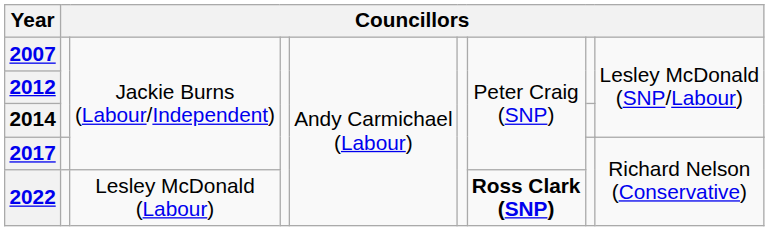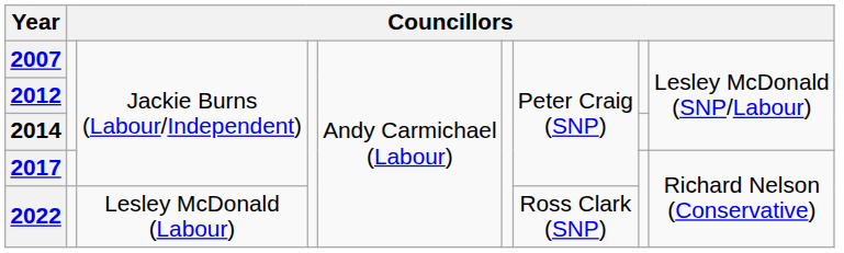 <table class="wikitable" style="text-align:center">
 <tr>
 <th>Year</th>
 <th colspan=8>Councillors</th>
 </tr>
 <tr>
 <th><a href='#'>2007</a></th>
 <td rowspan="4" ; style="background-color: "></td>
 <td rowspan="5">Jackie Burns<br>(<a href='#'>Labour</a>/<a href='#'>Independent</a>)</td>
 <td rowspan="6" ; style="background-color: "></td>
 <td rowspan="6">Andy Carmichael<br>(<a href='#'>Labour</a>)</td>
 <td rowspan="6" ; style="background-color: "></td>
 <td rowspan="5">Peter Craig<br>(<a href='#'>SNP</a>)</td>
 <td rowspan="2" ; style="background-color: "></td>
 <td rowspan="3">Lesley McDonald<br>(<a href='#'>SNP</a>/<a href='#'>Labour</a>)</td>
 </tr>
 <tr>
 <th><a href='#'>2012</a></th>
 </tr>
 <tr>
 <th>2014</th>
 <td rowspan="1" ; style="background-color: "></td>
 </tr>
 <tr>
 <th rowspan="2"><a href='#'>2017</a></th>
 <td rowspan="3" ; style="background-color: "></td>
 <td rowspan="3">Richard Nelson<br>(<a href='#'>Conservative</a>)</td>
 </tr>
 <tr>
 <td style="background-color: "></td>
 </tr>
 <tr>
 <th><a href='#'>2022</a></th>
 <td rowspan="1" ; style="background-color: "></td>
 <td rowspan="1">Lesley McDonald<br>(<a href='#'>Labour</a>)</td>
-<td rowspan="1"><strong>Ross Clark<br>(<a href='#'>SNP</a>)</strong></td>
+<td rowspan="1">Ross Clark<br>(<a href='#'>SNP</a>)</td>
 </tr>
 </table>
